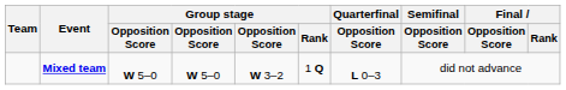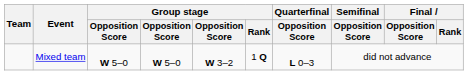 <table class=wikitable style=font-size:90%;text-align:center>
 <tr>
 <th rowspan=2>Team</th>
 <th rowspan=2>Event</th>
 <th colspan=4>Group stage</th>
 <th>Quarterfinal</th>
 <th>Semifinal</th>
 <th colspan=2>Final / </th>
 </tr>
 <tr style=font-size:95%>
 <th>Opposition<br>Score</th>
 <th>Opposition<br>Score</th>
 <th>Opposition<br>Score</th>
 <th>Rank</th>
 <th>Opposition<br>Score</th>
 <th>Opposition<br>Score</th>
 <th>Opposition<br>Score</th>
 <th>Rank</th>
 </tr>
 <tr>
 <td align=left></td>
-<td align=left><strong><a href='#'>Mixed team</a></strong></td>
+<td align=left><a href='#'>Mixed team</a></td>
 <td><br><strong>W</strong> 5–0</td>
 <td><br><strong>W</strong> 5–0</td>
 <td><br><strong>W</strong> 3–2</td>
 <td>1 <strong>Q</strong></td>
 <td><br><strong>L</strong> 0–3</td>
 <td colspan=3>did not advance</td>
 </tr>
 </table>
